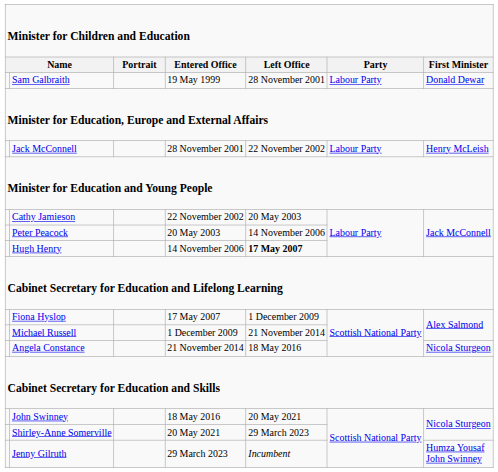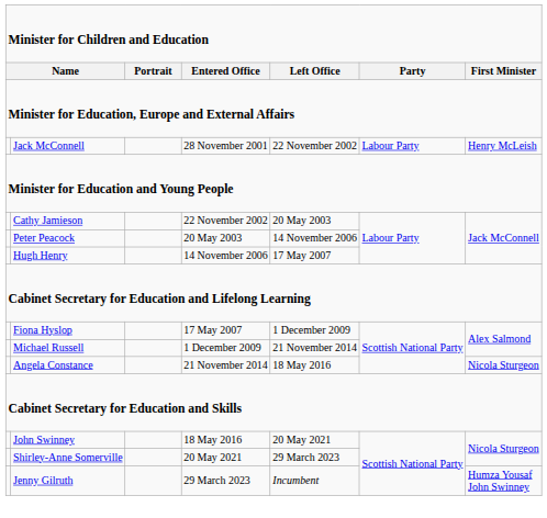 <table class="wikitable" style="margin: 0 0 0 1em; background: #f9f9f9; border: 1px #aaaaaa solid; border-collapse: collapse; ">
 <tr>
 <td colspan="7"><br><h3>Minister for Children and Education</h3></td>
 </tr>
 <tr>
 <th colspan="2">Name</th>
 <th width=75>Portrait</th>
 <th>Entered Office</th>
 <th>Left Office</th>
 <th>Party</th>
 <th>First Minister</th>
-</tr>
-<tr>
-<td></td>
-<td><a href='#'>Sam Galbraith</a></td>
-<td></td>
-<td>19 May 1999</td>
-<td>28 November 2001</td>
-<td><a href='#'>Labour Party</a></td>
-<td><a href='#'>Donald Dewar</a></td>
 </tr>
 <tr>
 <td colspan="7"><br><h3>Minister for Education, Europe and External Affairs</h3></td>
 </tr>
 <tr>
 <td></td>
 <td><a href='#'>Jack McConnell</a></td>
 <td></td>
 <td>28 November 2001</td>
 <td>22 November 2002</td>
 <td><a href='#'>Labour Party</a></td>
 <td><a href='#'>Henry McLeish</a></td>
 </tr>
 <tr>
 <td colspan="7"><br><h3>Minister for Education and Young People</h3></td>
 </tr>
 <tr>
 <td></td>
 <td><a href='#'>Cathy Jamieson</a></td>
 <td></td>
 <td>22 November 2002</td>
 <td>20 May 2003</td>
 <td rowspan="3"><a href='#'>Labour Party</a></td>
 <td rowspan="3"><a href='#'>Jack McConnell</a></td>
 </tr>
 <tr>
 <td></td>
 <td><a href='#'>Peter Peacock</a></td>
 <td></td>
 <td>20 May 2003</td>
 <td>14 November 2006</td>
 </tr>
 <tr>
 <td></td>
 <td><a href='#'>Hugh Henry</a></td>
 <td></td>
 <td>14 November 2006</td>
-<td><strong>17 May 2007</strong></td>
+<td>17 May 2007</td>
 </tr>
 <tr>
 <td colspan="7"><br><h3>Cabinet Secretary for Education and Lifelong Learning</h3></td>
 </tr>
 <tr>
 <td></td>
 <td><a href='#'>Fiona Hyslop</a></td>
 <td></td>
 <td>17 May 2007</td>
 <td>1 December 2009</td>
 <td rowspan="3"><a href='#'>Scottish National Party</a></td>
 <td rowspan="2"><a href='#'>Alex Salmond</a></td>
 </tr>
 <tr>
 <td></td>
 <td><a href='#'>Michael Russell</a></td>
 <td></td>
 <td>1 December 2009</td>
 <td>21 November 2014</td>
 </tr>
 <tr>
 <td></td>
 <td><a href='#'>Angela Constance</a></td>
 <td></td>
 <td>21 November 2014</td>
 <td>18 May 2016</td>
 <td><a href='#'>Nicola Sturgeon</a></td>
 </tr>
 <tr>
 <td colspan="7"><br><h3>Cabinet Secretary for Education and Skills</h3></td>
 </tr>
 <tr>
 <td></td>
 <td><a href='#'>John Swinney</a></td>
 <td></td>
 <td>18 May 2016</td>
 <td>20 May 2021</td>
 <td rowspan="3"><a href='#'>Scottish National Party</a></td>
 <td rowspan="2"><a href='#'>Nicola Sturgeon</a></td>
 </tr>
 <tr>
 <td></td>
 <td><a href='#'>Shirley-Anne Somerville</a></td>
 <td></td>
 <td>20 May 2021</td>
 <td>29 March 2023</td>
 </tr>
 <tr>
 <td></td>
 <td><a href='#'>Jenny Gilruth</a></td>
 <td></td>
 <td>29 March 2023</td>
 <td><em>Incumbent</em></td>
 <td><a href='#'>Humza Yousaf</a><br><a href='#'>John Swinney</a></td>
 </tr>
 </table>
